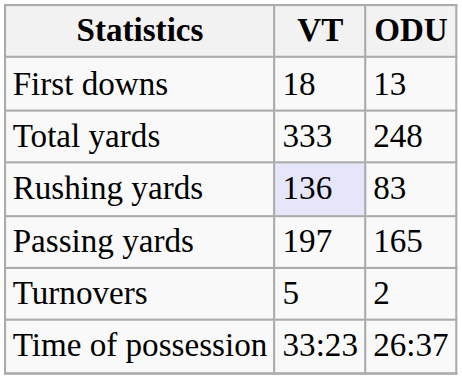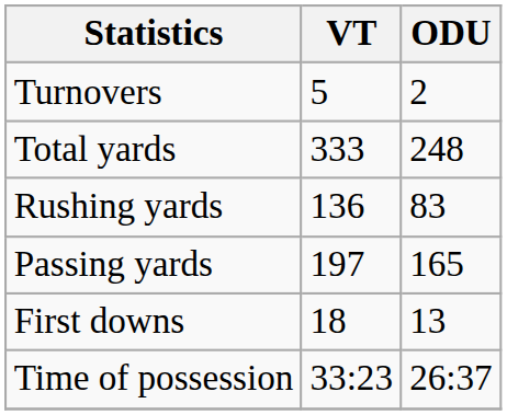 <table class="wikitable">
 <tr>
 <th>Statistics</th>
 <th>VT</th>
 <th>ODU</th>
 </tr>
 <tr>
-<td>First downs</td>
-<td>18</td>
-<td>13</td>
+<td>Turnovers</td>
+<td>5</td>
+<td>2</td>
 </tr>
 <tr>
 <td>Total yards</td>
 <td>333</td>
 <td>248</td>
 </tr>
 <tr>
 <td>Rushing yards</td>
-<td style="background: lavender;">136</td>
+<td>136</td>
 <td>83</td>
 </tr>
 <tr>
 <td>Passing yards</td>
 <td>197</td>
 <td>165</td>
 </tr>
 <tr>
-<td>Turnovers</td>
-<td>5</td>
-<td>2</td>
+<td>First downs</td>
+<td>18</td>
+<td>13</td>
 </tr>
 <tr>
 <td>Time of possession</td>
 <td>33:23</td>
 <td>26:37</td>
 </tr>
 <tr>
 </tr>
 </table>
